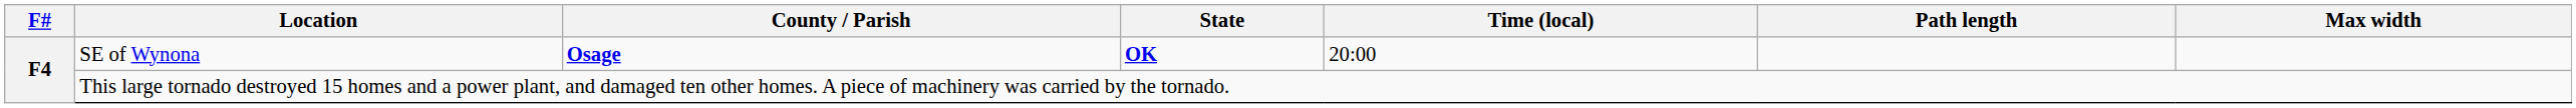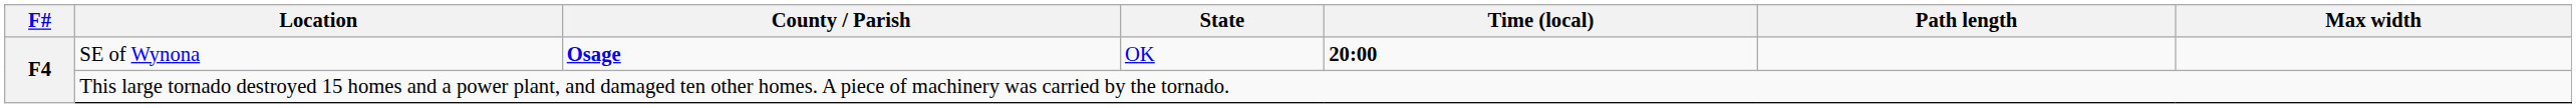 <table class="wikitable sortable" style="width:100%;">
 <tr>
 <th scope="col" align="center"><a href='#'>F#</a><br></th>
 <th scope="col" align="center" class="unsortable">Location</th>
 <th scope="col" align="center" class="unsortable">County / Parish</th>
 <th scope="col" align="center">State</th>
 <th scope="col" align="center">Time (local)</th>
 <th scope="col" align="center">Path length</th>
 <th scope="col" align="center">Max width</th>
 </tr>
 <tr>
 <th scope="row" rowspan="2" style="background-color:#">F4</th>
 <td>SE of <a href='#'>Wynona</a></td>
 <td><strong><a href='#'>Osage</a></strong></td>
-<td><strong><a href='#'>OK</a></strong></td>
-<td>20:00</td>
+<td><a href='#'>OK</a></td>
+<td><strong>20:00</strong></td>
 <td></td>
 <td></td>
 </tr>
 <tr class="expand-child">
 <td colspan="6" style=" border-bottom: 1px solid black;">This large tornado destroyed 15 homes and a power plant, and damaged ten other homes. A  piece of machinery was carried  by the tornado.</td>
 </tr>
 </table>
